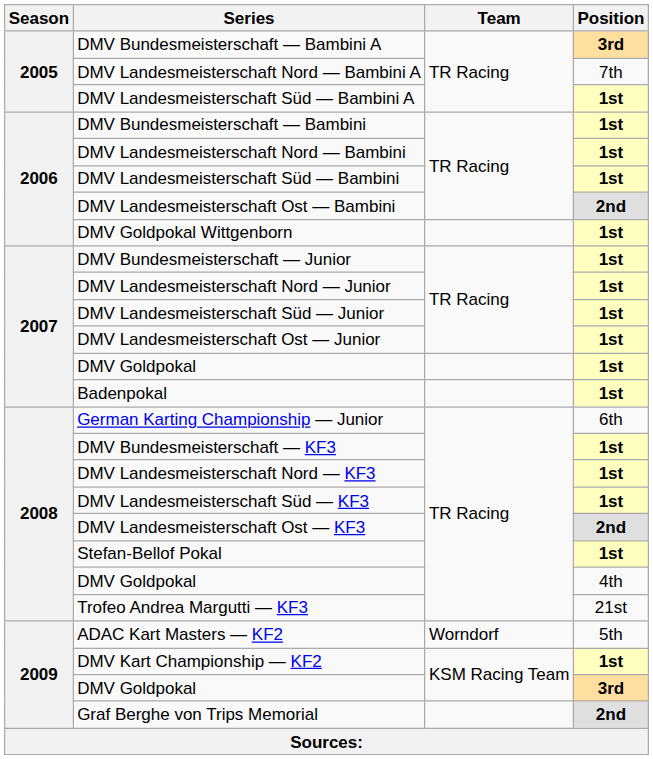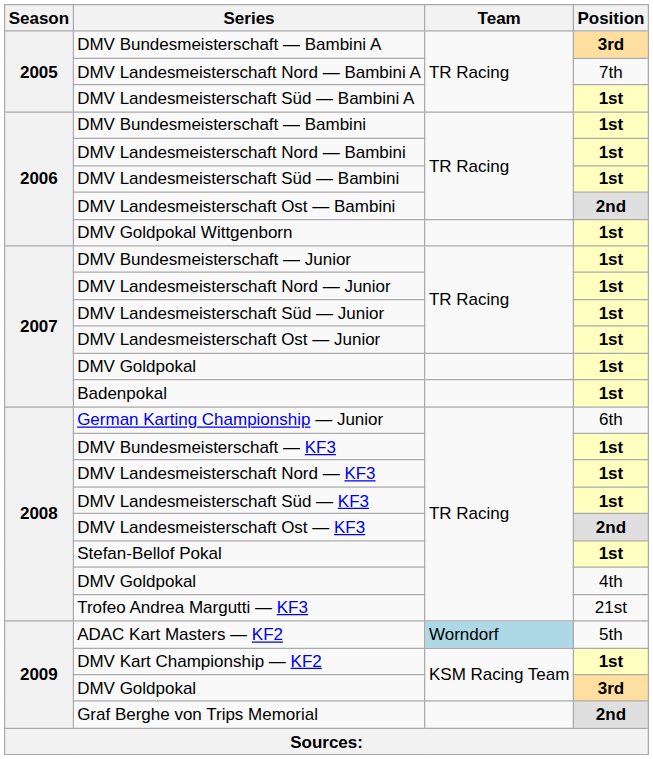 <table class="wikitable" style="font-size: 85%; text-align:center">
 <tr>
 <th>Season</th>
 <th>Series</th>
 <th>Team</th>
 <th>Position</th>
 </tr>
 <tr>
 <th rowspan="3">2005</th>
 <td align="left">DMV Bundesmeisterschaft — Bambini A</td>
 <td rowspan="3" align="left">TR Racing</td>
 <td style="background:#FFDF9F;"><strong>3rd</strong></td>
 </tr>
 <tr>
 <td align="left">DMV Landesmeisterschaft Nord — Bambini A</td>
 <td>7th</td>
 </tr>
 <tr>
 <td align="left">DMV Landesmeisterschaft Süd — Bambini A</td>
 <td style="background:#FFFFBF;"><strong>1st</strong></td>
 </tr>
 <tr>
 <th rowspan="5">2006</th>
 <td align="left">DMV Bundesmeisterschaft — Bambini</td>
 <td rowspan="4" align="left">TR Racing</td>
 <td style="background:#FFFFBF;"><strong>1st</strong></td>
 </tr>
 <tr>
 <td align="left">DMV Landesmeisterschaft Nord — Bambini</td>
 <td style="background:#FFFFBF;"><strong>1st</strong></td>
 </tr>
 <tr>
 <td align="left">DMV Landesmeisterschaft Süd — Bambini</td>
 <td style="background:#FFFFBF;"><strong>1st</strong></td>
 </tr>
 <tr>
 <td align="left">DMV Landesmeisterschaft Ost — Bambini</td>
 <td style="background:#DFDFDF;"><strong>2nd</strong></td>
 </tr>
 <tr>
 <td align="left">DMV Goldpokal Wittgenborn</td>
 <td align="left"></td>
 <td style="background:#FFFFBF;"><strong>1st</strong></td>
 </tr>
 <tr>
 <th rowspan="6">2007</th>
 <td align="left">DMV Bundesmeisterschaft — Junior</td>
 <td rowspan="4" align="left">TR Racing</td>
 <td style="background:#FFFFBF;"><strong>1st</strong></td>
 </tr>
 <tr>
 <td align="left">DMV Landesmeisterschaft Nord — Junior</td>
 <td style="background:#FFFFBF;"><strong>1st</strong></td>
 </tr>
 <tr>
 <td align="left">DMV Landesmeisterschaft Süd — Junior</td>
 <td style="background:#FFFFBF;"><strong>1st</strong></td>
 </tr>
 <tr>
 <td align="left">DMV Landesmeisterschaft Ost — Junior</td>
 <td style="background:#FFFFBF;"><strong>1st</strong></td>
 </tr>
 <tr>
 <td align="left">DMV Goldpokal</td>
 <td align="left"></td>
 <td style="background:#FFFFBF;"><strong>1st</strong></td>
 </tr>
 <tr>
 <td align="left">Badenpokal</td>
 <td align="left"></td>
 <td style="background:#FFFFBF;"><strong>1st</strong></td>
 </tr>
 <tr>
 <th rowspan="8">2008</th>
 <td align="left"><a href='#'>German Karting Championship</a> — Junior</td>
 <td rowspan="8" align="left">TR Racing</td>
 <td>6th</td>
 </tr>
 <tr>
 <td align="left">DMV Bundesmeisterschaft — <a href='#'>KF3</a></td>
 <td style="background:#FFFFBF;"><strong>1st</strong></td>
 </tr>
 <tr>
 <td align="left">DMV Landesmeisterschaft Nord — <a href='#'>KF3</a></td>
 <td style="background:#FFFFBF;"><strong>1st</strong></td>
 </tr>
 <tr>
 <td align="left">DMV Landesmeisterschaft Süd — <a href='#'>KF3</a></td>
 <td style="background:#FFFFBF;"><strong>1st</strong></td>
 </tr>
 <tr>
 <td align="left">DMV Landesmeisterschaft Ost — <a href='#'>KF3</a></td>
 <td style="background:#DFDFDF;"><strong>2nd</strong></td>
 </tr>
 <tr>
 <td align="left">Stefan-Bellof Pokal</td>
 <td style="background:#FFFFBF;"><strong>1st</strong></td>
 </tr>
 <tr>
 <td align="left">DMV Goldpokal</td>
 <td>4th</td>
 </tr>
 <tr>
 <td align="left">Trofeo Andrea Margutti — <a href='#'>KF3</a></td>
 <td>21st</td>
 </tr>
 <tr>
 <th rowspan="4">2009</th>
 <td align="left">ADAC Kart Masters — <a href='#'>KF2</a></td>
-<td align="left">Worndorf</td>
+<td align="left" style="background: lightblue;">Worndorf</td>
 <td>5th</td>
 </tr>
 <tr>
 <td align="left">DMV Kart Championship — <a href='#'>KF2</a></td>
 <td rowspan="2" align="left">KSM Racing Team</td>
 <td style="background:#FFFFBF;"><strong>1st</strong></td>
 </tr>
 <tr>
 <td align="left">DMV Goldpokal</td>
 <td style="background:#FFDF9F;"><strong>3rd</strong></td>
 </tr>
 <tr>
 <td align="left">Graf Berghe von Trips Memorial</td>
 <td align="left"></td>
 <td style="background:#DFDFDF;"><strong>2nd</strong></td>
 </tr>
 <tr>
 <th colspan="4">Sources:</th>
 </tr>
 </table>
